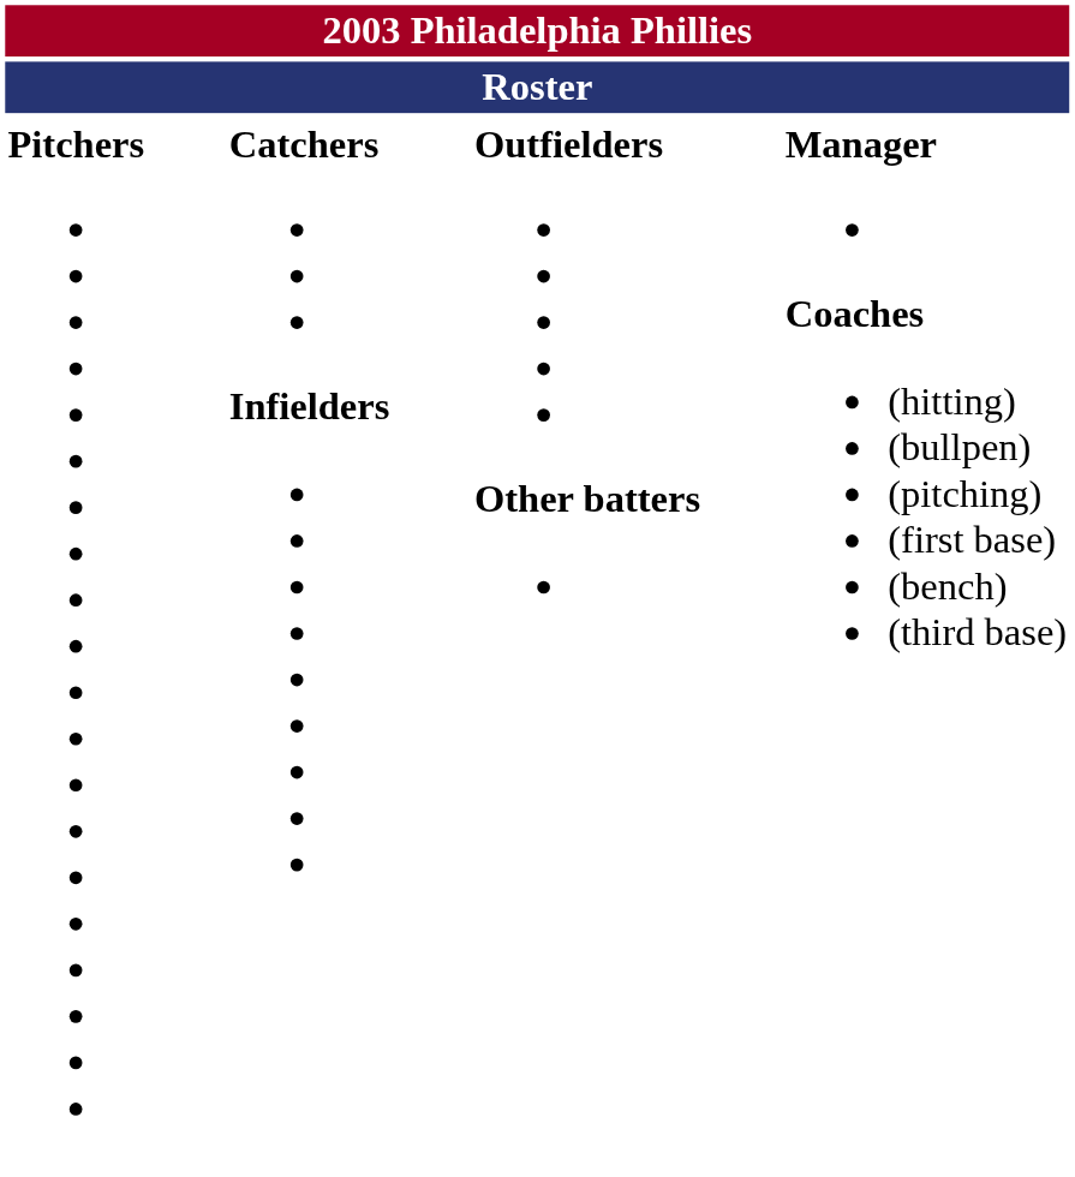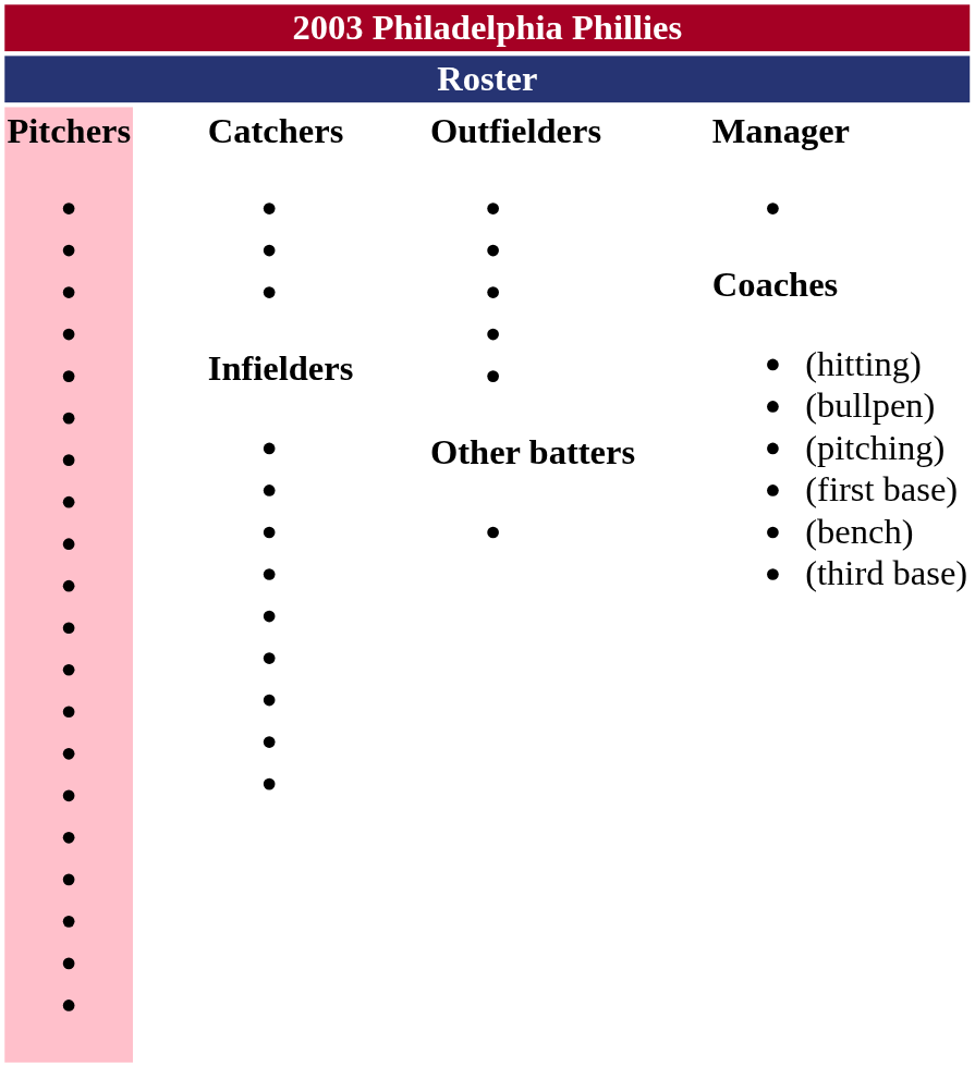 <table class="toccolours" style="font-size: 95%;">
 <tr>
 <th colspan="10" style="background:#a50024; color:#fff; text-align:center;">2003 Philadelphia Phillies</th>
 </tr>
 <tr>
 <td colspan="10" style="background:#263473; color:white; text-align:center;"><strong>Roster</strong></td>
 </tr>
 <tr>
-<td valign="top"><strong>Pitchers</strong><br><ul><li></li><li></li><li></li><li></li><li></li><li></li><li></li><li></li><li></li><li></li><li></li><li></li><li></li><li></li><li></li><li></li><li></li><li></li><li></li><li></li></ul></td>
+<td valign="top" style="background: pink;"><strong>Pitchers</strong><br><ul><li></li><li></li><li></li><li></li><li></li><li></li><li></li><li></li><li></li><li></li><li></li><li></li><li></li><li></li><li></li><li></li><li></li><li></li><li></li><li></li></ul></td>
 <td style="width:25px;"></td>
 <td valign="top"><strong>Catchers</strong><br><ul><li></li><li></li><li></li></ul><strong>Infielders</strong><ul><li></li><li></li><li></li><li></li><li></li><li></li><li></li><li></li><li></li></ul></td>
 <td style="width:25px;"></td>
 <td valign="top"><strong>Outfielders</strong><br><ul><li></li><li></li><li></li><li></li><li></li></ul><strong>Other batters</strong><ul><li></li></ul></td>
 <td style="width:25px;"></td>
 <td valign="top"><strong>Manager</strong><br><ul><li></li></ul><strong>Coaches</strong><ul><li> (hitting)</li><li> (bullpen)</li><li> (pitching)</li><li> (first base)</li><li> (bench)</li><li> (third base)</li></ul></td>
 </tr>
 </table>
